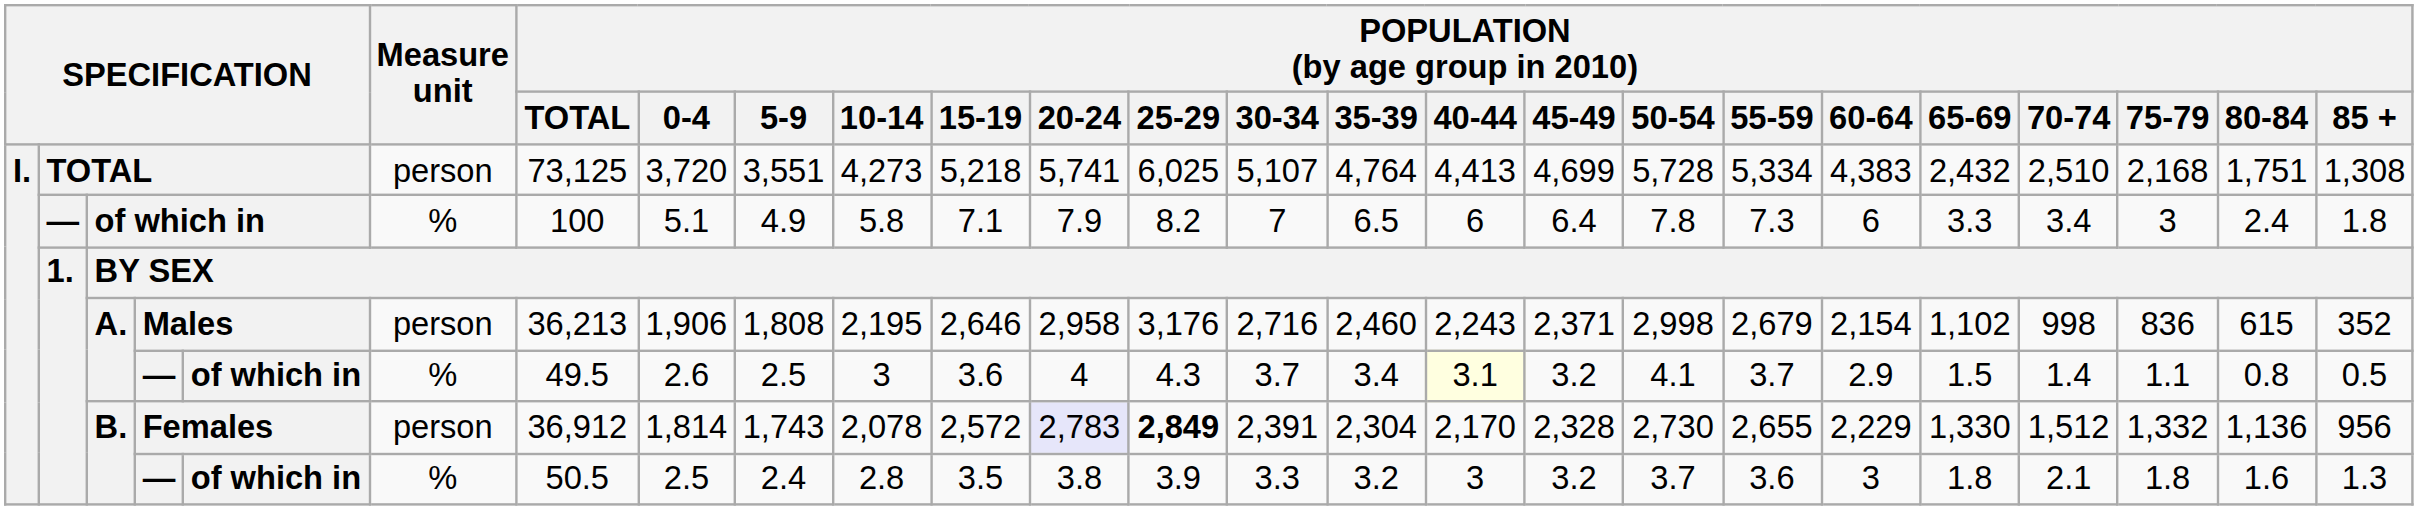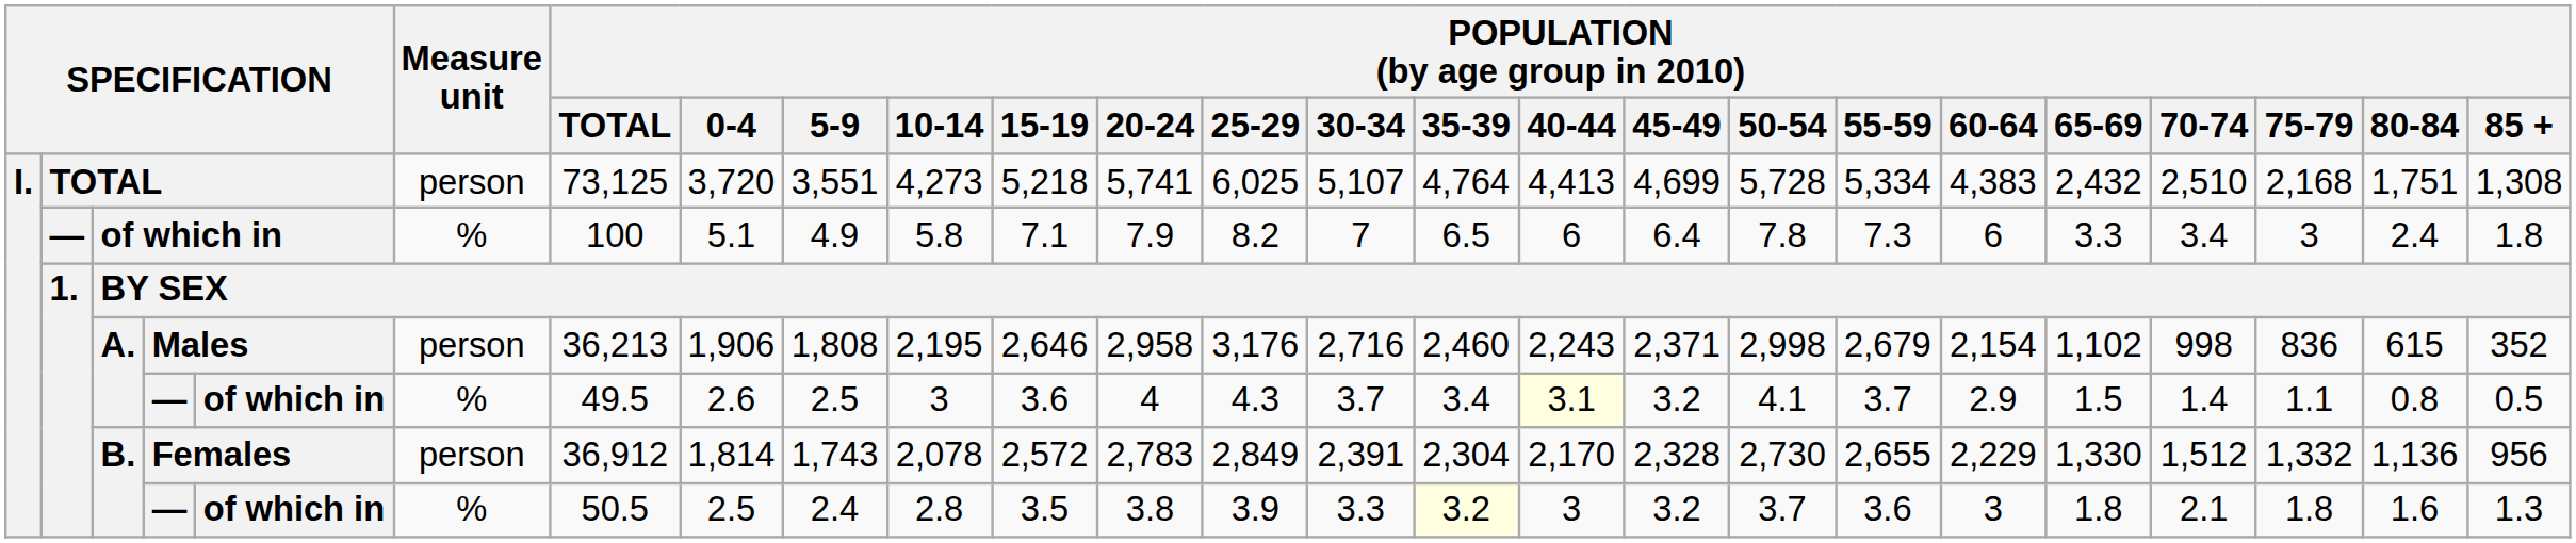 <table class="wikitable" style="font-size:85%; text-align:center">
 <tr>
 <th rowspan="2" colspan="5">SPECIFICATION</th>
 <th rowspan="2">Measure<br> unit</th>
 <th colspan="20" rowspan="1">POPULATION<br> (by age group in 2010)</th>
 </tr>
 <tr>
 <th>TOTAL</th>
 <th>0-4</th>
 <th>5-9</th>
 <th>10-14</th>
 <th>15-19</th>
 <th>20-24</th>
 <th>25-29</th>
 <th>30-34</th>
 <th>35-39</th>
 <th>40-44</th>
 <th>45-49</th>
 <th>50-54</th>
 <th>55-59</th>
 <th>60-64</th>
 <th>65-69</th>
 <th>70-74</th>
 <th>75-79</th>
 <th>80-84</th>
 <th>85 +</th>
 </tr>
 <tr>
 <th style="text-align:left" valign="top" rowspan="7">I.</th>
 <th style="text-align:left" colspan="4">TOTAL</th>
 <td>person</td>
 <td>73,125</td>
 <td>3,720</td>
 <td>3,551</td>
 <td>4,273</td>
 <td>5,218</td>
 <td>5,741</td>
 <td>6,025</td>
 <td>5,107</td>
 <td>4,764</td>
 <td>4,413</td>
 <td>4,699</td>
 <td>5,728</td>
 <td>5,334</td>
 <td>4,383</td>
 <td>2,432</td>
 <td>2,510</td>
 <td>2,168</td>
 <td>1,751</td>
 <td>1,308</td>
 </tr>
 <tr>
 <th style="text-align:left" valign="top">—</th>
 <th style="text-align:left" colspan="3">of which in</th>
 <td>%</td>
 <td>100</td>
 <td>5.1</td>
 <td>4.9</td>
 <td>5.8</td>
 <td>7.1</td>
 <td>7.9</td>
 <td>8.2</td>
 <td>7</td>
 <td>6.5</td>
 <td>6</td>
 <td>6.4</td>
 <td>7.8</td>
 <td>7.3</td>
 <td>6</td>
 <td>3.3</td>
 <td>3.4</td>
 <td>3</td>
 <td>2.4</td>
 <td>1.8</td>
 </tr>
 <tr>
 <th style="text-align:left" valign="top" rowspan="5">1.</th>
 <th style="text-align:left" colspan="23">BY SEX</th>
 </tr>
 <tr>
 <th style="text-align:left" valign="top" rowspan="2">A.</th>
 <th style="text-align:left" colspan="2">Males</th>
 <td>person</td>
 <td>36,213</td>
 <td>1,906</td>
 <td>1,808</td>
 <td>2,195</td>
 <td>2,646</td>
 <td>2,958</td>
 <td>3,176</td>
 <td>2,716</td>
 <td>2,460</td>
 <td>2,243</td>
 <td>2,371</td>
 <td>2,998</td>
 <td>2,679</td>
 <td>2,154</td>
 <td>1,102</td>
 <td>998</td>
 <td>836</td>
 <td>615</td>
 <td>352</td>
 </tr>
 <tr>
 <th style="text-align:left" valign="top">—</th>
 <th style="text-align:left" colspan="1">of which in</th>
 <td>%</td>
 <td>49.5</td>
 <td>2.6</td>
 <td>2.5</td>
 <td>3</td>
 <td>3.6</td>
 <td>4</td>
 <td>4.3</td>
 <td>3.7</td>
 <td>3.4</td>
 <td style="background: lightyellow;">3.1</td>
 <td>3.2</td>
 <td>4.1</td>
 <td>3.7</td>
 <td>2.9</td>
 <td>1.5</td>
 <td>1.4</td>
 <td>1.1</td>
 <td>0.8</td>
 <td>0.5</td>
 </tr>
 <tr>
 <th style="text-align:left" valign="top" rowspan="2">B.</th>
 <th style="text-align:left" colspan="2">Females</th>
 <td>person</td>
 <td>36,912</td>
 <td>1,814</td>
 <td>1,743</td>
 <td>2,078</td>
 <td>2,572</td>
-<td style="background: lavender;">2,783</td>
-<td><strong>2,849</strong></td>
+<td>2,783</td>
+<td>2,849</td>
 <td>2,391</td>
 <td>2,304</td>
 <td>2,170</td>
 <td>2,328</td>
 <td>2,730</td>
 <td>2,655</td>
 <td>2,229</td>
 <td>1,330</td>
 <td>1,512</td>
 <td>1,332</td>
 <td>1,136</td>
 <td>956</td>
 </tr>
 <tr>
 <th style="text-align:left" valign="top">—</th>
 <th style="text-align:left" colspan="1">of which in</th>
 <td>%</td>
 <td>50.5</td>
 <td>2.5</td>
 <td>2.4</td>
 <td>2.8</td>
 <td>3.5</td>
 <td>3.8</td>
 <td>3.9</td>
 <td>3.3</td>
-<td>3.2</td>
+<td style="background: lightyellow;">3.2</td>
 <td>3</td>
 <td>3.2</td>
 <td>3.7</td>
 <td>3.6</td>
 <td>3</td>
 <td>1.8</td>
 <td>2.1</td>
 <td>1.8</td>
 <td>1.6</td>
 <td>1.3</td>
 </tr>
 </table>
